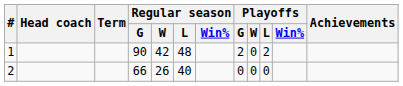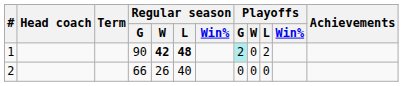 <table class="wikitable sortable" style="font-size:95%; text-align:center">
 <tr>
 <th scope="col" rowspan="2">#</th>
 <th scope="col" rowspan="2">Head coach</th>
 <th scope="col" rowspan="2">Term</th>
 <th scope="col" colspan="4">Regular season</th>
 <th scope="col" colspan="4">Playoffs</th>
 <th scope="col" rowspan="2">Achievements</th>
 </tr>
 <tr>
 <th>G</th>
 <th>W</th>
 <th>L</th>
 <th><a href='#'>Win%</a></th>
 <th>G</th>
 <th>W</th>
 <th>L</th>
 <th><a href='#'>Win%</a></th>
 </tr>
 <tr>
 <td align=left>1</td>
 <td align=left></td>
 <td align=left></td>
 <td>90</td>
-<td>42</td>
-<td>48</td>
+<td><strong>42</strong></td>
+<td><strong>48</strong></td>
 <td></td>
-<td>2</td>
+<td style="background: paleturquoise;">2</td>
 <td>0</td>
 <td>2</td>
 <td></td>
 <td align=left></td>
 </tr>
 <tr>
 <td align=left>2</td>
 <td align=left></td>
 <td align=left></td>
 <td>66</td>
 <td>26</td>
 <td>40</td>
 <td></td>
 <td>0</td>
 <td>0</td>
 <td>0</td>
 <td></td>
 <td align=left></td>
 </tr>
 </table>
